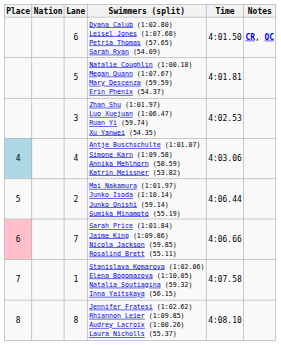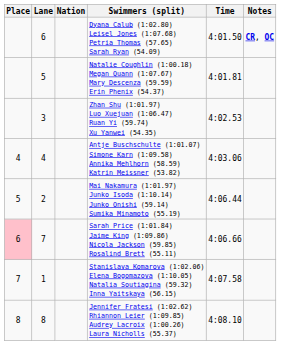 <table class="wikitable sortable" style="text-align:center">
 <tr>
 <th>Place</th>
+<th>Lane</th>
 <th>Nation</th>
-<th>Lane</th>
 <th>Swimmers (split)</th>
 <th>Time</th>
 <th>Notes</th>
 </tr>
 <tr>
 <td></td>
+<td>6</td>
 <td align=left></td>
-<td>6</td>
 <td align=left><small><a href='#'>Dyana Calub</a> (1:02.80)<br> <a href='#'>Leisel Jones</a> (1:07.68)<br> <a href='#'>Petria Thomas</a> (57.65)<br> <a href='#'>Sarah Ryan</a> (54.09)</small></td>
 <td>4:01.50</td>
 <td><strong><a href='#'>CR</a></strong>, <strong><a href='#'>OC</a></strong></td>
 </tr>
 <tr>
 <td></td>
+<td>5</td>
 <td align=left></td>
-<td>5</td>
 <td align=left><small><a href='#'>Natalie Coughlin</a> (1:00.18)<br> <a href='#'>Megan Quann</a> (1:07.67)<br> <a href='#'>Mary Descenza</a> (59.59)<br> <a href='#'>Erin Phenix</a> (54.37)</small></td>
 <td>4:01.81</td>
 <td></td>
 </tr>
 <tr>
 <td></td>
+<td>3</td>
 <td align=left></td>
-<td>3</td>
 <td align=left><small><a href='#'>Zhan Shu</a> (1:01.97)<br> <a href='#'>Luo Xuejuan</a> (1:06.47)<br> <a href='#'>Ruan Yi</a> (59.74)<br> <a href='#'>Xu Yanwei</a> (54.35)</small></td>
 <td>4:02.53</td>
 <td></td>
 </tr>
 <tr>
-<td style="background: lightblue;">4</td>
+<td>4</td>
+<td>4</td>
 <td align=left></td>
-<td>4</td>
 <td align=left><small><a href='#'>Antje Buschschulte</a> (1:01.07)<br> <a href='#'>Simone Karn</a> (1:09.58)<br> <a href='#'>Annika Mehlhorn</a> (58.59)<br> <a href='#'>Katrin Meissner</a> (53.82)</small></td>
 <td>4:03.06</td>
 <td></td>
 </tr>
 <tr>
 <td>5</td>
+<td>2</td>
 <td align=left></td>
-<td>2</td>
 <td align=left><small><a href='#'>Mai Nakamura</a> (1:01.97)<br> <a href='#'>Junko Isoda</a> (1:10.14)<br> <a href='#'>Junko Onishi</a> (59.14)<br> <a href='#'>Sumika Minamoto</a> (55.19)</small></td>
 <td>4:06.44</td>
 <td></td>
 </tr>
 <tr>
 <td style="background: pink;">6</td>
+<td>7</td>
 <td align=left></td>
-<td>7</td>
 <td align=left><small><a href='#'>Sarah Price</a> (1:01.84)<br> <a href='#'>Jaime King</a> (1:09.86)<br> <a href='#'>Nicola Jackson</a> (59.85)<br> <a href='#'>Rosalind Brett</a> (55.11)</small></td>
 <td>4:06.66</td>
 <td></td>
 </tr>
 <tr>
 <td>7</td>
+<td>1</td>
 <td align=left></td>
-<td>1</td>
 <td align=left><small><a href='#'>Stanislava Komarova</a> (1:02.06)<br> <a href='#'>Elena Bogomazova</a> (1:10.05)<br> <a href='#'>Natalia Soutiagina</a> (59.32)<br> <a href='#'>Inna Yaitskaya</a> (56.15)</small></td>
 <td>4:07.58</td>
 <td></td>
 </tr>
 <tr>
 <td>8</td>
+<td>8</td>
 <td align=left></td>
-<td>8</td>
 <td align=left><small><a href='#'>Jennifer Fratesi</a> (1:02.62)<br> <a href='#'>Rhiannon Leier</a> (1:09.85)<br> <a href='#'>Audrey Lacroix</a> (1:00.26)<br> <a href='#'>Laura Nicholls</a> (55.37)</small></td>
 <td>4:08.10</td>
 <td></td>
 </tr>
 </table>
